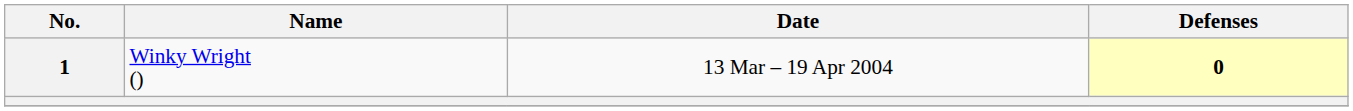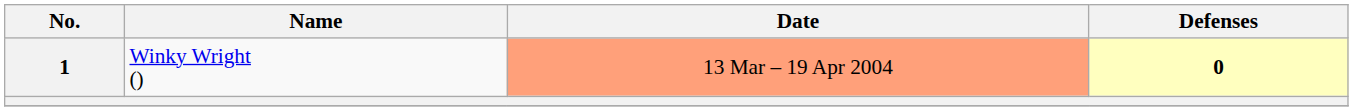 <table class="wikitable sortable" style="width:80%">
 <tr>
 <th>No.</th>
 <th>Name</th>
 <th>Date</th>
 <th>Defenses</th>
 </tr>
 <tr align=center>
 <th>1</th>
 <td align=left><a href='#'>Winky Wright</a><br>()</td>
-<td>13 Mar – 19 Apr 2004</td>
+<td style="background: lightsalmon;">13 Mar – 19 Apr 2004</td>
 <td style="background:#ffffbf;"><strong>0</strong></td>
 </tr>
 <tr align=center>
 <th colspan=4></th>
 </tr>
 <tr align=center>
 </tr>
 </table>
